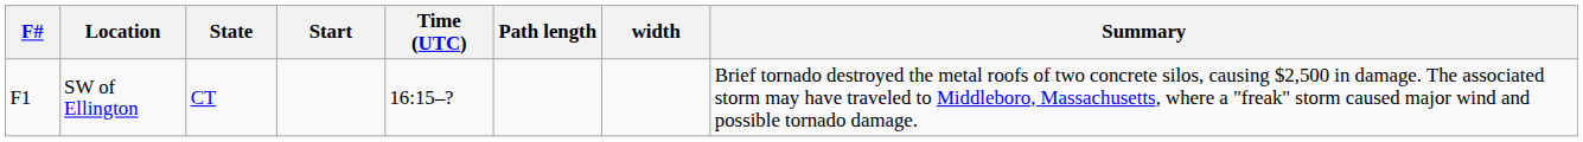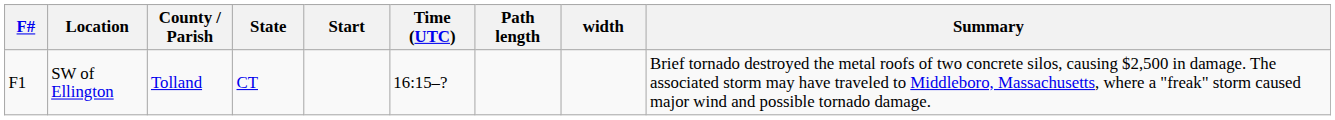 <table class="wikitable sortable" style="width:100%;">
 <tr>
 <th scope="col"  style="width:3%; text-align:center;"><a href='#'>F#</a></th>
 <th scope="col"  style="width:7%; text-align:center;" class="unsortable">Location</th>
+<th scope="col"  style="width:6%; text-align:center;" class="unsortable">County / Parish</th>
 <th scope="col"  style="width:5%; text-align:center;">State</th>
 <th scope="col"  style="width:6%; text-align:center;">Start<br></th>
 <th scope="col"  style="width:6%; text-align:center;">Time (<a href='#'>UTC</a>)</th>
 <th scope="col"  style="width:6%; text-align:center;">Path length</th>
 <th scope="col"  style="width:6%; text-align:center;"> width</th>
 <th scope="col" class="unsortable" style="width:48%; text-align:center;">Summary</th>
 </tr>
 <tr>
 <td>F1</td>
 <td>SW of <a href='#'>Ellington</a></td>
+<td><a href='#'>Tolland</a></td>
 <td><a href='#'>CT</a></td>
 <td></td>
 <td>16:15–?</td>
 <td></td>
 <td></td>
 <td>Brief tornado destroyed the metal roofs of two  concrete silos, causing $2,500 in damage. The associated storm may have traveled to <a href='#'>Middleboro, Massachusetts</a>, where a "freak" storm caused major wind and possible tornado damage.</td>
 </tr>
 </table>
